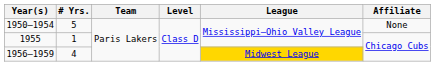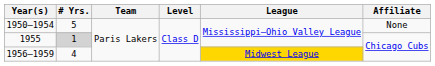 <table class="wikitable" style="text-align:center; font-size: 95%;">
 <tr>
 <th>Year(s)</th>
 <th># Yrs.</th>
 <th>Team</th>
 <th>Level</th>
 <th>League</th>
 <th>Affiliate</th>
 </tr>
 <tr>
 <td>1950–1954</td>
 <td>5</td>
 <td rowspan=3>Paris Lakers</td>
 <td rowspan=3><a href='#'>Class D</a></td>
 <td rowspan=2><a href='#'>Mississippi–Ohio Valley League</a></td>
 <td>None</td>
 </tr>
 <tr>
 <td>1955</td>
-<td>1</td>
+<td style="background: lightgrey;">1</td>
 <td rowspan=2><a href='#'>Chicago Cubs</a></td>
 </tr>
 <tr>
 <td>1956–1959</td>
 <td>4</td>
 <td style="background: gold;"><a href='#'>Midwest League</a></td>
 </tr>
 </table>
